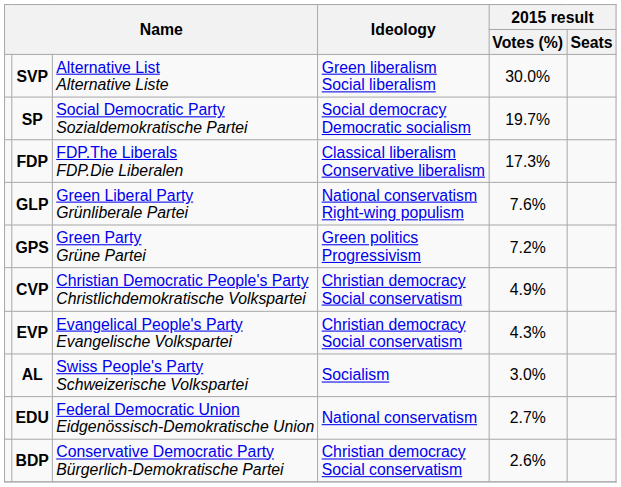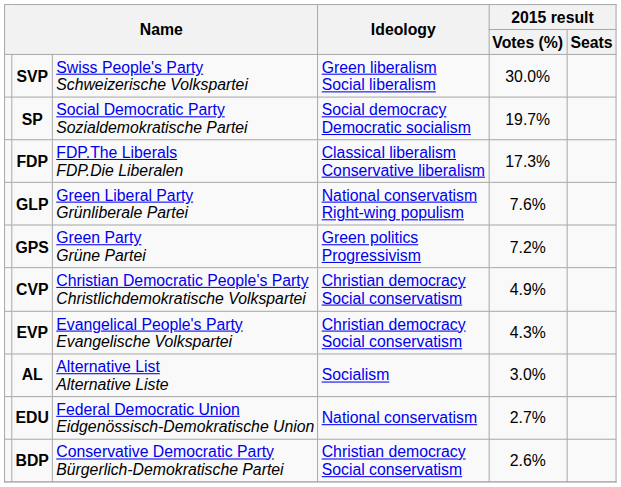 <table class="wikitable" style="font-size:95%;">
 <tr>
 <th colspan="3" rowspan="2">Name</th>
 <th rowspan="2">Ideology</th>
 <th colspan="2">2015 result</th>
 </tr>
 <tr>
 <th>Votes (%)</th>
 <th>Seats</th>
 </tr>
 <tr>
 <td style="background:"></td>
 <td style="text-align:center;"><strong>SVP</strong></td>
-<td><a href='#'>Alternative List</a><br><em>Alternative Liste</em></td>
+<td><a href='#'>Swiss People's Party</a><br><em>Schweizerische Volkspartei</em></td>
 <td><a href='#'>Green liberalism</a><br><a href='#'>Social liberalism</a></td>
 <td style="text-align:center;">30.0%</td>
 <td></td>
 </tr>
 <tr>
 <td style="background:"></td>
 <td style="text-align:center;"><strong>SP</strong></td>
 <td><a href='#'>Social Democratic Party</a><br><em>Sozialdemokratische Partei</em></td>
 <td><a href='#'>Social democracy</a><br><a href='#'>Democratic socialism</a></td>
 <td style="text-align:center;">19.7%</td>
 <td></td>
 </tr>
 <tr>
 <td style="background:"></td>
 <td style="text-align:center;"><strong>FDP</strong></td>
 <td><a href='#'>FDP.The Liberals</a><br><em>FDP.Die Liberalen</em></td>
 <td><a href='#'>Classical liberalism</a><br><a href='#'>Conservative liberalism</a></td>
 <td style="text-align:center;">17.3%</td>
 <td></td>
 </tr>
 <tr>
 <td style="background:"></td>
 <td style="text-align:center;"><strong>GLP</strong></td>
 <td><a href='#'>Green Liberal Party</a><br><em>Grünliberale Partei</em></td>
 <td><a href='#'>National conservatism</a><br><a href='#'>Right-wing populism</a></td>
 <td style="text-align:center;">7.6%</td>
 <td></td>
 </tr>
 <tr>
 <td style="background:"></td>
 <td style="text-align:center;"><strong>GPS</strong></td>
 <td><a href='#'>Green Party</a><br><em>Grüne Partei</em></td>
 <td><a href='#'>Green politics</a><br><a href='#'>Progressivism</a></td>
 <td style="text-align:center;">7.2%</td>
 <td></td>
 </tr>
 <tr>
 <td style="background:"></td>
 <td style="text-align:center;"><strong>CVP</strong></td>
 <td><a href='#'>Christian Democratic People's Party</a><br><em>Christlichdemokratische Volkspartei</em></td>
 <td><a href='#'>Christian democracy</a><br><a href='#'>Social conservatism</a></td>
 <td style="text-align:center;">4.9%</td>
 <td></td>
 </tr>
 <tr>
 <td style="background:"></td>
 <td style="text-align:center;"><strong>EVP</strong></td>
 <td><a href='#'>Evangelical People's Party</a><br><em>Evangelische Volkspartei</em></td>
 <td><a href='#'>Christian democracy</a><br><a href='#'>Social conservatism</a></td>
 <td style="text-align:center;">4.3%</td>
 <td></td>
 </tr>
 <tr>
 <td style="background:"></td>
 <td style="text-align:center;"><strong>AL</strong></td>
-<td><a href='#'>Swiss People's Party</a><br><em>Schweizerische Volkspartei</em></td>
+<td><a href='#'>Alternative List</a><br><em>Alternative Liste</em></td>
 <td><a href='#'>Socialism</a></td>
 <td style="text-align:center;">3.0%</td>
 <td></td>
 </tr>
 <tr>
 <td style="background:"></td>
 <td style="text-align:center;"><strong>EDU</strong></td>
 <td><a href='#'>Federal Democratic Union</a><br><em>Eidgenössisch-Demokratische Union</em></td>
 <td><a href='#'>National conservatism</a></td>
 <td style="text-align:center;">2.7%</td>
 <td></td>
 </tr>
 <tr>
 <td style="background:"></td>
 <td style="text-align:center;"><strong>BDP</strong></td>
 <td><a href='#'>Conservative Democratic Party</a><br><em>Bürgerlich-Demokratische Partei</em></td>
 <td><a href='#'>Christian democracy</a><br><a href='#'>Social conservatism</a></td>
 <td style="text-align:center;">2.6%</td>
 <td></td>
 </tr>
 <tr>
 </tr>
 </table>
